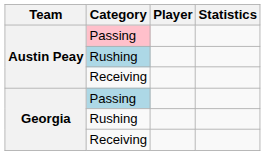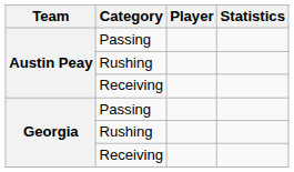 <table class="wikitable" style="float:right">
 <tr>
 <th>Team</th>
 <th>Category</th>
 <th>Player</th>
 <th>Statistics</th>
 </tr>
 <tr>
 <th rowspan=3>Austin Peay</th>
-<td style="background: pink;">Passing</td>
+<td>Passing</td>
 <td></td>
 <td></td>
 </tr>
 <tr>
-<td style="background: lightblue;">Rushing</td>
+<td>Rushing</td>
 <td></td>
 <td></td>
 </tr>
 <tr>
 <td>Receiving</td>
 <td></td>
 <td></td>
 </tr>
 <tr>
 <th rowspan=3>Georgia</th>
-<td style="background: lightblue;">Passing</td>
+<td>Passing</td>
 <td></td>
 <td></td>
 </tr>
 <tr>
 <td>Rushing</td>
 <td></td>
 <td></td>
 </tr>
 <tr>
 <td>Receiving</td>
 <td></td>
 <td></td>
 </tr>
 </table>
